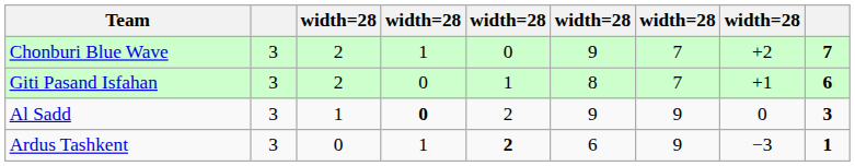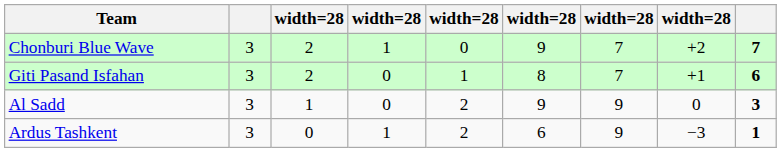 <table class="wikitable" style="text-align: center; font-size: 90%;">
 <tr>
 <th width="180">Team</th>
 <th width=28></th>
 <th>width=28</th>
 <th>width=28</th>
 <th>width=28</th>
 <th>width=28</th>
 <th>width=28</th>
 <th>width=28</th>
 <th width=28></th>
 </tr>
 <tr align=center bgcolor="ccffcc">
 <td style="text-align:left;"> <a href='#'>Chonburi Blue Wave</a></td>
 <td>3</td>
 <td>2</td>
 <td>1</td>
 <td>0</td>
 <td>9</td>
 <td>7</td>
 <td>+2</td>
 <td><strong>7</strong></td>
 </tr>
 <tr align=center bgcolor="ccffcc">
 <td style="text-align:left;"> <a href='#'>Giti Pasand Isfahan</a></td>
 <td>3</td>
 <td>2</td>
 <td>0</td>
 <td>1</td>
 <td>8</td>
 <td>7</td>
 <td>+1</td>
 <td><strong>6</strong></td>
 </tr>
 <tr>
 <td style="text-align:left;"> <a href='#'>Al Sadd</a></td>
 <td>3</td>
 <td>1</td>
-<td><strong>0</strong></td>
+<td>0</td>
 <td>2</td>
 <td>9</td>
 <td>9</td>
 <td>0</td>
 <td><strong>3</strong></td>
 </tr>
 <tr>
 <td style="text-align:left;"> <a href='#'>Ardus Tashkent</a></td>
 <td>3</td>
 <td>0</td>
 <td>1</td>
-<td><strong>2</strong></td>
+<td>2</td>
 <td>6</td>
 <td>9</td>
 <td>−3</td>
 <td><strong>1</strong></td>
 </tr>
 </table>
